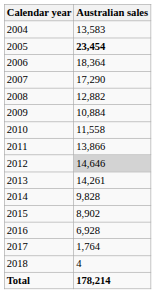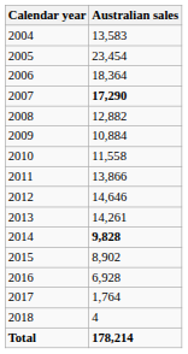 <table class="wikitable">
 <tr>
 <th>Calendar year</th>
 <th>Australian sales</th>
 </tr>
 <tr>
 <td>2004</td>
 <td>13,583</td>
 </tr>
 <tr>
 <td>2005</td>
-<td><strong>23,454</strong></td>
+<td>23,454</td>
 </tr>
 <tr>
 <td>2006</td>
 <td>18,364</td>
 </tr>
 <tr>
 <td>2007</td>
-<td>17,290</td>
+<td><strong>17,290</strong></td>
 </tr>
 <tr>
 <td>2008</td>
 <td>12,882</td>
 </tr>
 <tr>
 <td>2009</td>
 <td>10,884</td>
 </tr>
 <tr>
 <td>2010</td>
 <td>11,558</td>
 </tr>
 <tr>
 <td>2011</td>
 <td>13,866</td>
 </tr>
 <tr>
 <td>2012</td>
-<td style="background: lightgrey;">14,646</td>
+<td>14,646</td>
 </tr>
 <tr>
 <td>2013</td>
 <td>14,261</td>
 </tr>
 <tr>
 <td>2014</td>
-<td>9,828</td>
+<td><strong>9,828</strong></td>
 </tr>
 <tr>
 <td>2015</td>
 <td>8,902</td>
 </tr>
 <tr>
 <td>2016</td>
 <td>6,928</td>
 </tr>
 <tr>
 <td>2017</td>
 <td>1,764</td>
 </tr>
 <tr>
 <td>2018</td>
 <td>4</td>
 </tr>
 <tr>
 <td><strong>Total</strong></td>
 <td><strong>178,214</strong></td>
 </tr>
 </table>
